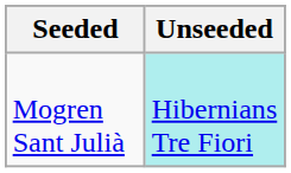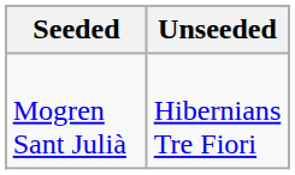 <table class="wikitable" style="font-size:80%">
 <tr>
 <th width=50%>Seeded</th>
 <th width=50%>Unseeded</th>
 </tr>
 <tr>
 <td valign=top><br> <a href='#'>Mogren</a><br>  <a href='#'>Sant Julià</a></td>
-<td valign=top style="background: paleturquoise;"><br> <a href='#'>Hibernians</a><br>  <a href='#'>Tre Fiori</a></td>
+<td valign=top><br> <a href='#'>Hibernians</a><br>  <a href='#'>Tre Fiori</a></td>
 </tr>
 </table>
